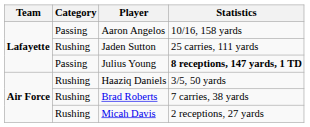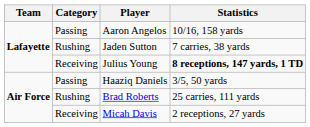 <table class="wikitable" style="float: left;">
 <tr>
 <th>Team</th>
 <th>Category</th>
 <th>Player</th>
 <th>Statistics</th>
 </tr>
 <tr>
 <td rowspan=3><strong>Lafayette</strong></td>
 <td>Passing</td>
 <td>Aaron Angelos</td>
 <td>10/16, 158 yards</td>
 </tr>
 <tr>
 <td>Rushing</td>
 <td>Jaden Sutton</td>
-<td>25 carries, 111 yards</td>
+<td>7 carries, 38 yards</td>
 </tr>
 <tr>
-<td>Passing</td>
+<td>Receiving</td>
 <td>Julius Young</td>
 <td><strong>8 receptions, 147 yards, 1 TD</strong></td>
 </tr>
 <tr>
 <td rowspan=3><strong>Air Force</strong></td>
-<td>Rushing</td>
+<td>Passing</td>
 <td>Haaziq Daniels</td>
 <td>3/5, 50 yards</td>
 </tr>
 <tr>
 <td>Rushing</td>
 <td><a href='#'>Brad Roberts</a></td>
-<td>7 carries, 38 yards</td>
+<td>25 carries, 111 yards</td>
 </tr>
 <tr>
-<td>Rushing</td>
+<td>Receiving</td>
 <td><a href='#'>Micah Davis</a></td>
 <td>2 receptions, 27 yards</td>
 </tr>
 </table>
